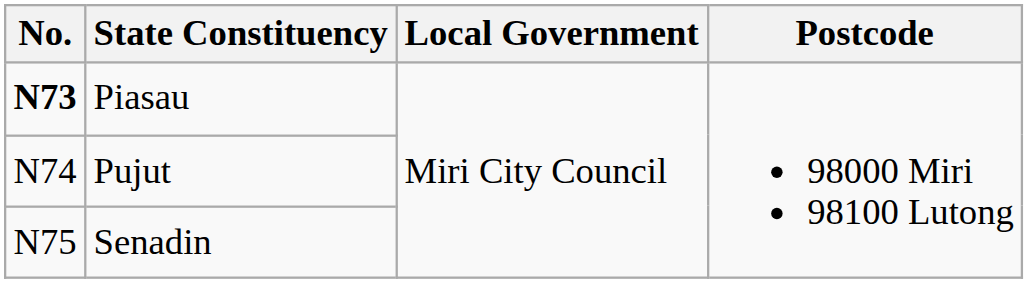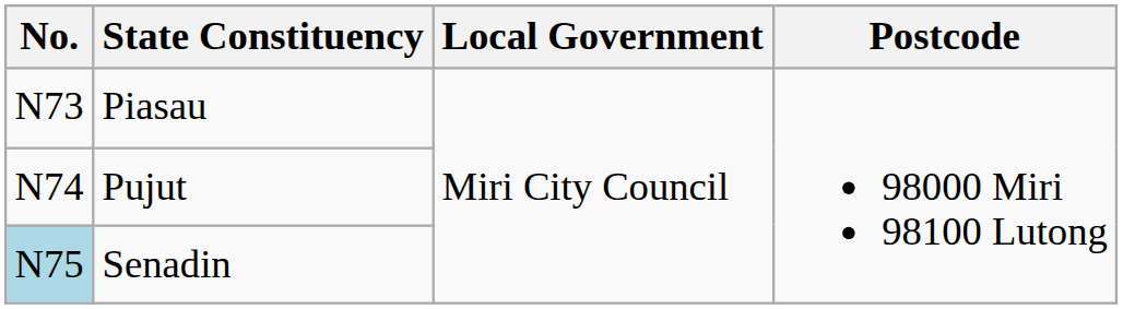 <table class="wikitable">
 <tr>
 <th>No.</th>
 <th>State Constituency</th>
 <th>Local Government</th>
 <th>Postcode</th>
 </tr>
 <tr>
-<td><strong>N73</strong></td>
+<td>N73</td>
 <td>Piasau</td>
 <td rowspan="3">Miri City Council</td>
 <td rowspan="3"><br><ul><li>98000 Miri</li><li>98100 Lutong</li></ul></td>
 </tr>
 <tr>
 <td>N74</td>
 <td>Pujut</td>
 </tr>
 <tr>
-<td>N75</td>
+<td style="background: lightblue;">N75</td>
 <td>Senadin</td>
 </tr>
 </table>
